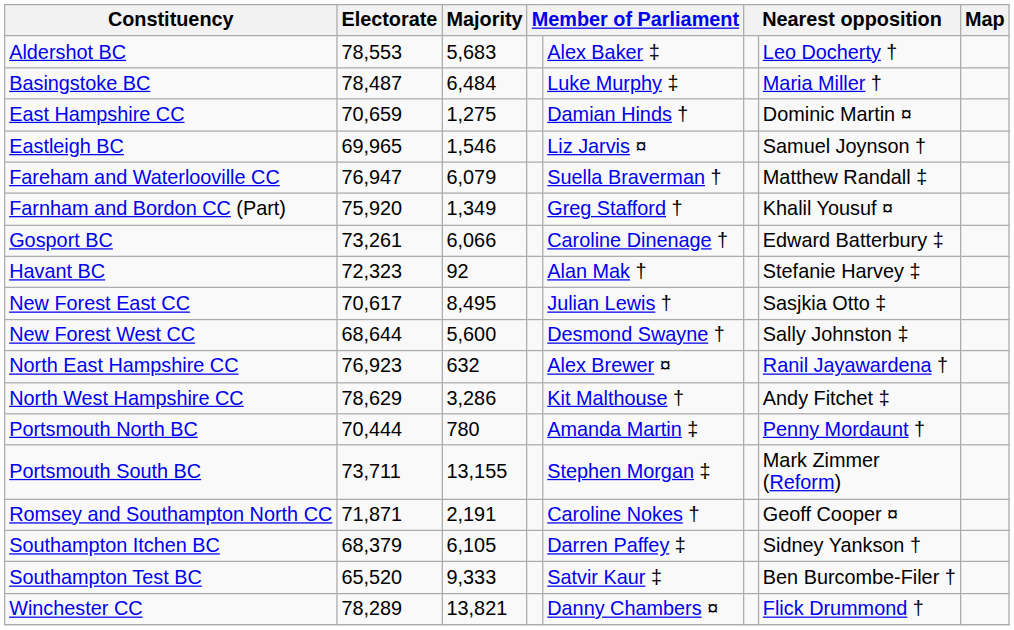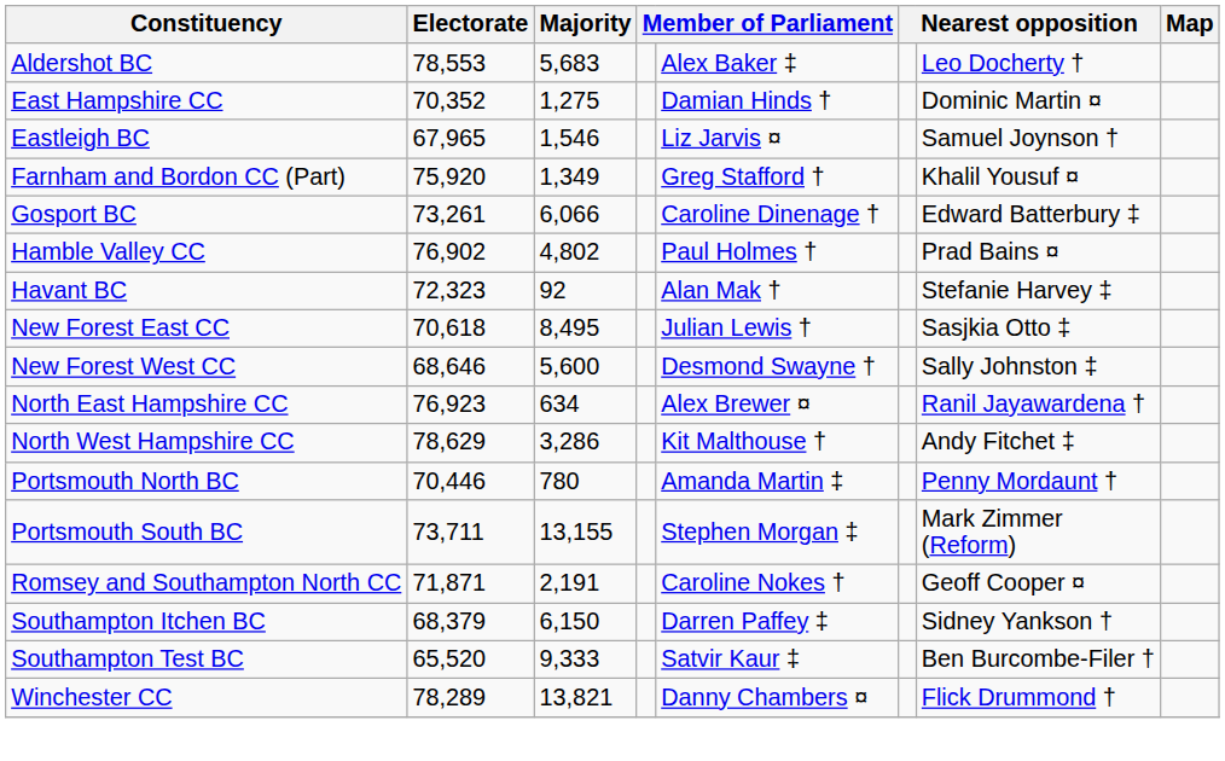 <table class="wikitable sortable">
 <tr>
 <th rowspan=1>Constituency</th>
 <th rowspan=1>Electorate</th>
 <th rowspan=1>Majority</th>
 <th colspan=2 class=unsortable><a href='#'>Member of Parliament</a></th>
 <th colspan=2 class=unsortable>Nearest opposition</th>
 <th rowspan=1 class=unsortable>Map</th>
 </tr>
 <tr>
 <td><a href='#'>Aldershot BC</a></td>
 <td>78,553</td>
 <td>5,683</td>
 <td style="color:inherit;background:"> </td>
 <td><a href='#'>Alex Baker</a> ‡</td>
 <td style="color:inherit;background:"> </td>
 <td><a href='#'>Leo Docherty</a> †</td>
 <td></td>
 </tr>
 <tr>
-<td><a href='#'>Basingstoke BC</a></td>
-<td>78,487</td>
-<td>6,484</td>
-<td style="color:inherit;background:"> </td>
-<td><a href='#'>Luke Murphy</a> ‡</td>
-<td style="color:inherit;background:"> </td>
-<td><a href='#'>Maria Miller</a> †</td>
-<td></td>
-</tr>
-<tr>
 <td><a href='#'>East Hampshire CC</a></td>
-<td>70,659</td>
+<td>70,352</td>
 <td>1,275</td>
 <td style="color:inherit;background:"> </td>
 <td><a href='#'>Damian Hinds</a> †</td>
 <td style="color:inherit;background:"> </td>
 <td>Dominic Martin ¤</td>
 <td></td>
 </tr>
 <tr>
 <td><a href='#'>Eastleigh BC</a></td>
-<td>69,965</td>
+<td>67,965</td>
 <td>1,546</td>
 <td style="color:inherit;background:"> </td>
 <td><a href='#'>Liz Jarvis</a> ¤</td>
 <td style="color:inherit;background:"> </td>
 <td>Samuel Joynson †</td>
-<td></td>
-</tr>
-<tr>
-<td><a href='#'>Fareham and Waterlooville CC</a></td>
-<td>76,947</td>
-<td>6,079</td>
-<td style="color:inherit;background:"> </td>
-<td><a href='#'>Suella Braverman</a> †</td>
-<td style="color:inherit;background:"> </td>
-<td>Matthew Randall ‡</td>
 <td></td>
 </tr>
 <tr>
 <td><a href='#'>Farnham and Bordon CC</a> (Part)</td>
 <td>75,920</td>
 <td>1,349</td>
 <td style="color:inherit;background:"> </td>
 <td><a href='#'>Greg Stafford</a> †</td>
 <td style="color:inherit;background:"> </td>
 <td>Khalil Yousuf ¤</td>
 <td></td>
 </tr>
 <tr>
 <td><a href='#'>Gosport BC</a></td>
 <td>73,261</td>
 <td>6,066</td>
 <td style="color:inherit;background:"> </td>
 <td><a href='#'>Caroline Dinenage</a> †</td>
 <td style="color:inherit;background:"> </td>
 <td>Edward Batterbury ‡</td>
 <td></td>
 </tr>
 <tr>
+<td><a href='#'>Hamble Valley CC</a></td>
+<td>76,902</td>
+<td>4,802</td>
+<td style="color:inherit;background:"> </td>
+<td><a href='#'>Paul Holmes</a> †</td>
+<td style="color:inherit;background:"> </td>
+<td>Prad Bains ¤</td>
+<td></td>
+</tr>
+<tr>
 <td><a href='#'>Havant BC</a></td>
 <td>72,323</td>
 <td>92</td>
 <td style="color:inherit;background:"> </td>
 <td><a href='#'>Alan Mak</a> †</td>
 <td style="color:inherit;background:"> </td>
 <td>Stefanie Harvey ‡</td>
 <td></td>
 </tr>
 <tr>
 <td><a href='#'>New Forest East CC</a></td>
-<td>70,617</td>
+<td>70,618</td>
 <td>8,495</td>
 <td style="color:inherit;background:"> </td>
 <td><a href='#'>Julian Lewis</a> †</td>
 <td style="color:inherit;background:"> </td>
 <td>Sasjkia Otto ‡</td>
 <td></td>
 </tr>
 <tr>
 <td><a href='#'>New Forest West CC</a></td>
-<td>68,644</td>
+<td>68,646</td>
 <td>5,600</td>
 <td style="color:inherit;background:"> </td>
 <td><a href='#'>Desmond Swayne</a> †</td>
 <td style="color:inherit;background:"> </td>
 <td>Sally Johnston ‡</td>
 <td></td>
 </tr>
 <tr>
 <td><a href='#'>North East Hampshire CC</a></td>
 <td>76,923</td>
-<td>632</td>
+<td>634</td>
 <td style="color:inherit;background:"> </td>
 <td><a href='#'>Alex Brewer</a> ¤</td>
 <td style="color:inherit;background:"> </td>
 <td><a href='#'>Ranil Jayawardena</a> †</td>
 <td></td>
 </tr>
 <tr>
 <td><a href='#'>North West Hampshire CC</a></td>
 <td>78,629</td>
 <td>3,286</td>
 <td style="color:inherit;background:"> </td>
 <td><a href='#'>Kit Malthouse</a> †</td>
 <td style="color:inherit;background:"> </td>
 <td>Andy Fitchet ‡</td>
 <td></td>
 </tr>
 <tr>
 <td><a href='#'>Portsmouth North BC</a></td>
-<td>70,444</td>
+<td>70,446</td>
 <td>780</td>
 <td style="color:inherit;background:"> </td>
 <td><a href='#'>Amanda Martin</a> ‡</td>
 <td style="color:inherit;background:"> </td>
 <td><a href='#'>Penny Mordaunt</a> †</td>
 <td></td>
 </tr>
 <tr>
 <td><a href='#'>Portsmouth South BC</a></td>
 <td>73,711</td>
 <td>13,155</td>
 <td style="color:inherit;background:"> </td>
 <td><a href='#'>Stephen Morgan</a> ‡</td>
 <td style="color:inherit;background:"> </td>
 <td>Mark Zimmer<br>(<a href='#'>Reform</a>)</td>
 <td></td>
 </tr>
 <tr>
 <td><a href='#'>Romsey and Southampton North CC</a></td>
 <td>71,871</td>
 <td>2,191</td>
 <td style="color:inherit;background:"> </td>
 <td><a href='#'>Caroline Nokes</a> †</td>
 <td style="color:inherit;background:"> </td>
 <td>Geoff Cooper ¤</td>
 <td></td>
 </tr>
 <tr>
 <td><a href='#'>Southampton Itchen BC</a></td>
 <td>68,379</td>
-<td>6,105</td>
+<td>6,150</td>
 <td style="color:inherit;background:"> </td>
 <td><a href='#'>Darren Paffey</a> ‡</td>
 <td style="color:inherit;background:"> </td>
 <td>Sidney Yankson †</td>
 <td></td>
 </tr>
 <tr>
 <td><a href='#'>Southampton Test BC</a></td>
 <td>65,520</td>
 <td>9,333</td>
 <td style="color:inherit;background:"> </td>
 <td><a href='#'>Satvir Kaur</a> ‡</td>
 <td style="color:inherit;background:"> </td>
 <td>Ben Burcombe-Filer †</td>
 <td></td>
 </tr>
 <tr>
 <td><a href='#'>Winchester CC</a></td>
 <td>78,289</td>
 <td>13,821</td>
 <td style="color:inherit;background:"> </td>
 <td><a href='#'>Danny Chambers</a> ¤</td>
 <td style="color:inherit;background:"> </td>
 <td><a href='#'>Flick Drummond</a> †</td>
 <td></td>
 </tr>
 <tr>
 </tr>
 </table>
